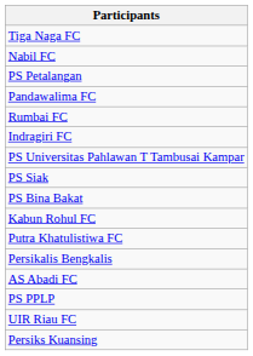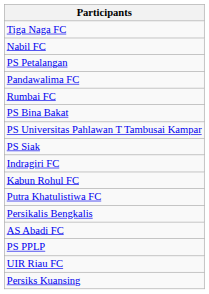 <table class="wikitable">
 <tr>
 <th><strong>Participants</strong></th>
 </tr>
 <tr>
 <td><a href='#'>Tiga Naga FC</a></td>
 </tr>
 <tr>
 <td><a href='#'>Nabil FC</a></td>
 </tr>
 <tr>
 <td><a href='#'>PS Petalangan</a></td>
 </tr>
 <tr>
 <td><a href='#'>Pandawalima FC</a></td>
 </tr>
 <tr>
 <td><a href='#'>Rumbai FC</a></td>
 </tr>
 <tr>
-<td><a href='#'>Indragiri FC</a></td>
+<td><a href='#'>PS Bina Bakat</a></td>
 </tr>
 <tr>
 <td><a href='#'>PS Universitas Pahlawan T Tambusai Kampar</a></td>
 </tr>
 <tr>
 <td><a href='#'>PS Siak</a></td>
 </tr>
 <tr>
-<td><a href='#'>PS Bina Bakat</a></td>
+<td><a href='#'>Indragiri FC</a></td>
 </tr>
 <tr>
 <td><a href='#'>Kabun Rohul FC</a></td>
 </tr>
 <tr>
 <td><a href='#'>Putra Khatulistiwa FC</a></td>
 </tr>
 <tr>
 <td><a href='#'>Persikalis Bengkalis</a></td>
 </tr>
 <tr>
 <td><a href='#'>AS Abadi FC</a></td>
 </tr>
 <tr>
 <td><a href='#'>PS PPLP</a></td>
 </tr>
 <tr>
 <td><a href='#'>UIR Riau FC</a></td>
 </tr>
 <tr>
 <td><a href='#'>Persiks Kuansing</a></td>
 </tr>
 </table>
